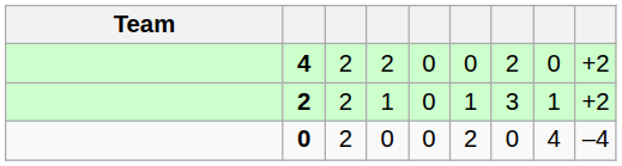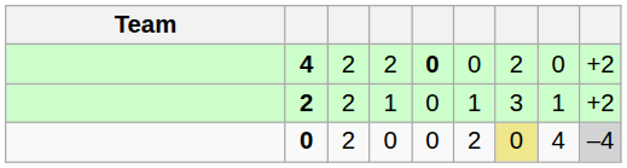 <table class="wikitable" style="text-align:center">
 <tr>
 <th width="175">Team</th>
 <th width="20"></th>
 <th width="20"></th>
 <th width="20"></th>
 <th width="20"></th>
 <th width="20"></th>
 <th width="20"></th>
 <th width="20"></th>
 <th width="20"></th>
 </tr>
 <tr bgcolor=#CCFFCC>
 <td align=left></td>
 <td><strong>4</strong></td>
 <td>2</td>
 <td>2</td>
-<td>0</td>
+<td><strong>0</strong></td>
 <td>0</td>
 <td>2</td>
 <td>0</td>
 <td>+2</td>
 </tr>
 <tr bgcolor=#CCFFCC>
 <td align=left></td>
 <td><strong>2</strong></td>
 <td>2</td>
 <td>1</td>
 <td>0</td>
 <td>1</td>
 <td>3</td>
 <td>1</td>
 <td>+2</td>
 </tr>
 <tr>
 <td align=left></td>
 <td><strong>0</strong></td>
 <td>2</td>
 <td>0</td>
 <td>0</td>
 <td>2</td>
-<td>0</td>
+<td style="background: khaki;">0</td>
 <td>4</td>
-<td>–4</td>
+<td style="background: lightgrey;">–4</td>
 </tr>
 </table>
